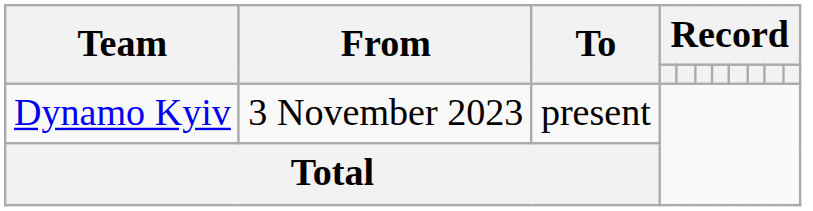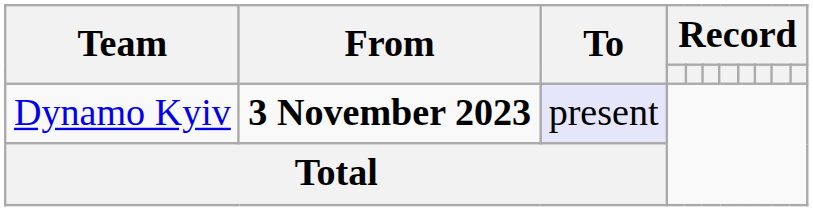 <table class="wikitable" style="text-align: center">
 <tr>
 <th rowspan="2">Team</th>
 <th rowspan="2">From</th>
 <th rowspan="2">To</th>
 <th colspan="8">Record</th>
 </tr>
 <tr>
 <th></th>
 <th></th>
 <th></th>
 <th></th>
 <th></th>
 <th></th>
 <th></th>
 <th></th>
 </tr>
 <tr>
 <td align=left><a href='#'>Dynamo Kyiv</a></td>
-<td align=left>3 November 2023</td>
-<td align=left>present<br></td>
+<td align=left><strong>3 November 2023</strong></td>
+<td align=left style="background: lavender;">present<br></td>
 </tr>
 <tr>
 <th colspan="3">Total<br></th>
 </tr>
 </table>
